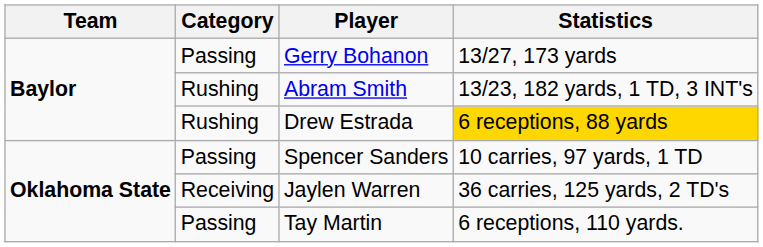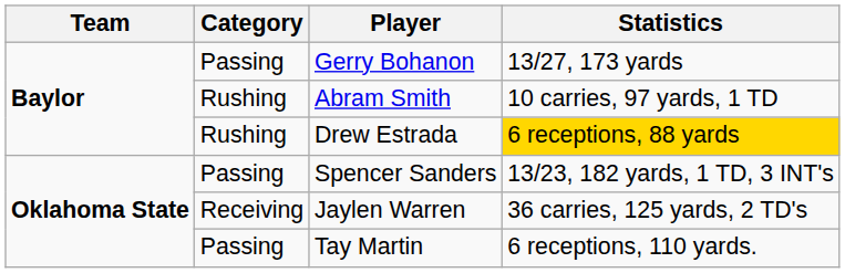 <table class="wikitable" style="float: right;">
 <tr>
 <th>Team</th>
 <th>Category</th>
 <th>Player</th>
 <th>Statistics</th>
 </tr>
 <tr>
 <td rowspan=3><strong>Baylor</strong></td>
 <td>Passing</td>
 <td><a href='#'>Gerry Bohanon</a></td>
 <td>13/27, 173 yards</td>
 </tr>
 <tr>
 <td>Rushing</td>
 <td><a href='#'>Abram Smith</a></td>
-<td>13/23, 182 yards, 1 TD, 3 INT's</td>
+<td>10 carries, 97 yards, 1 TD</td>
 </tr>
 <tr>
 <td>Rushing</td>
 <td>Drew Estrada</td>
 <td style="background: gold;">6 receptions, 88 yards</td>
 </tr>
 <tr>
 <td rowspan=3><strong>Oklahoma State</strong></td>
 <td>Passing</td>
 <td>Spencer Sanders</td>
-<td>10 carries, 97 yards, 1 TD</td>
+<td>13/23, 182 yards, 1 TD, 3 INT's</td>
 </tr>
 <tr>
 <td>Receiving</td>
 <td>Jaylen Warren</td>
 <td>36 carries, 125 yards, 2 TD's</td>
 </tr>
 <tr>
 <td>Passing</td>
 <td>Tay Martin</td>
 <td>6 receptions, 110 yards.</td>
 </tr>
 </table>
